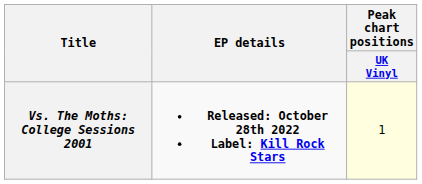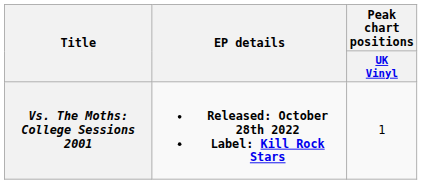 <table class="wikitable plainrowheaders" style="text-align:center;">
 <tr>
 <th scope="col" rowspan="2" style="width:12em;">Title</th>
 <th scope="col" rowspan="2" style="width:16em;">EP details</th>
 <th scope="col" colspan="1">Peak chart positions</th>
 </tr>
 <tr>
 <th scope="col" style="width:3em;font-size:90%;"><a href='#'>UK<br>Vinyl</a><br></th>
 </tr>
 <tr>
 <th scope="row"><em>Vs. The Moths: College Sessions 2001</em></th>
 <td><strong><br><ul><li>Released: October 28th 2022</li><li>Label: <a href='#'>Kill Rock Stars</a></li></ul></strong></td>
-<td style="background: lightyellow;">1</td>
+<td>1</td>
 </tr>
 </table>
